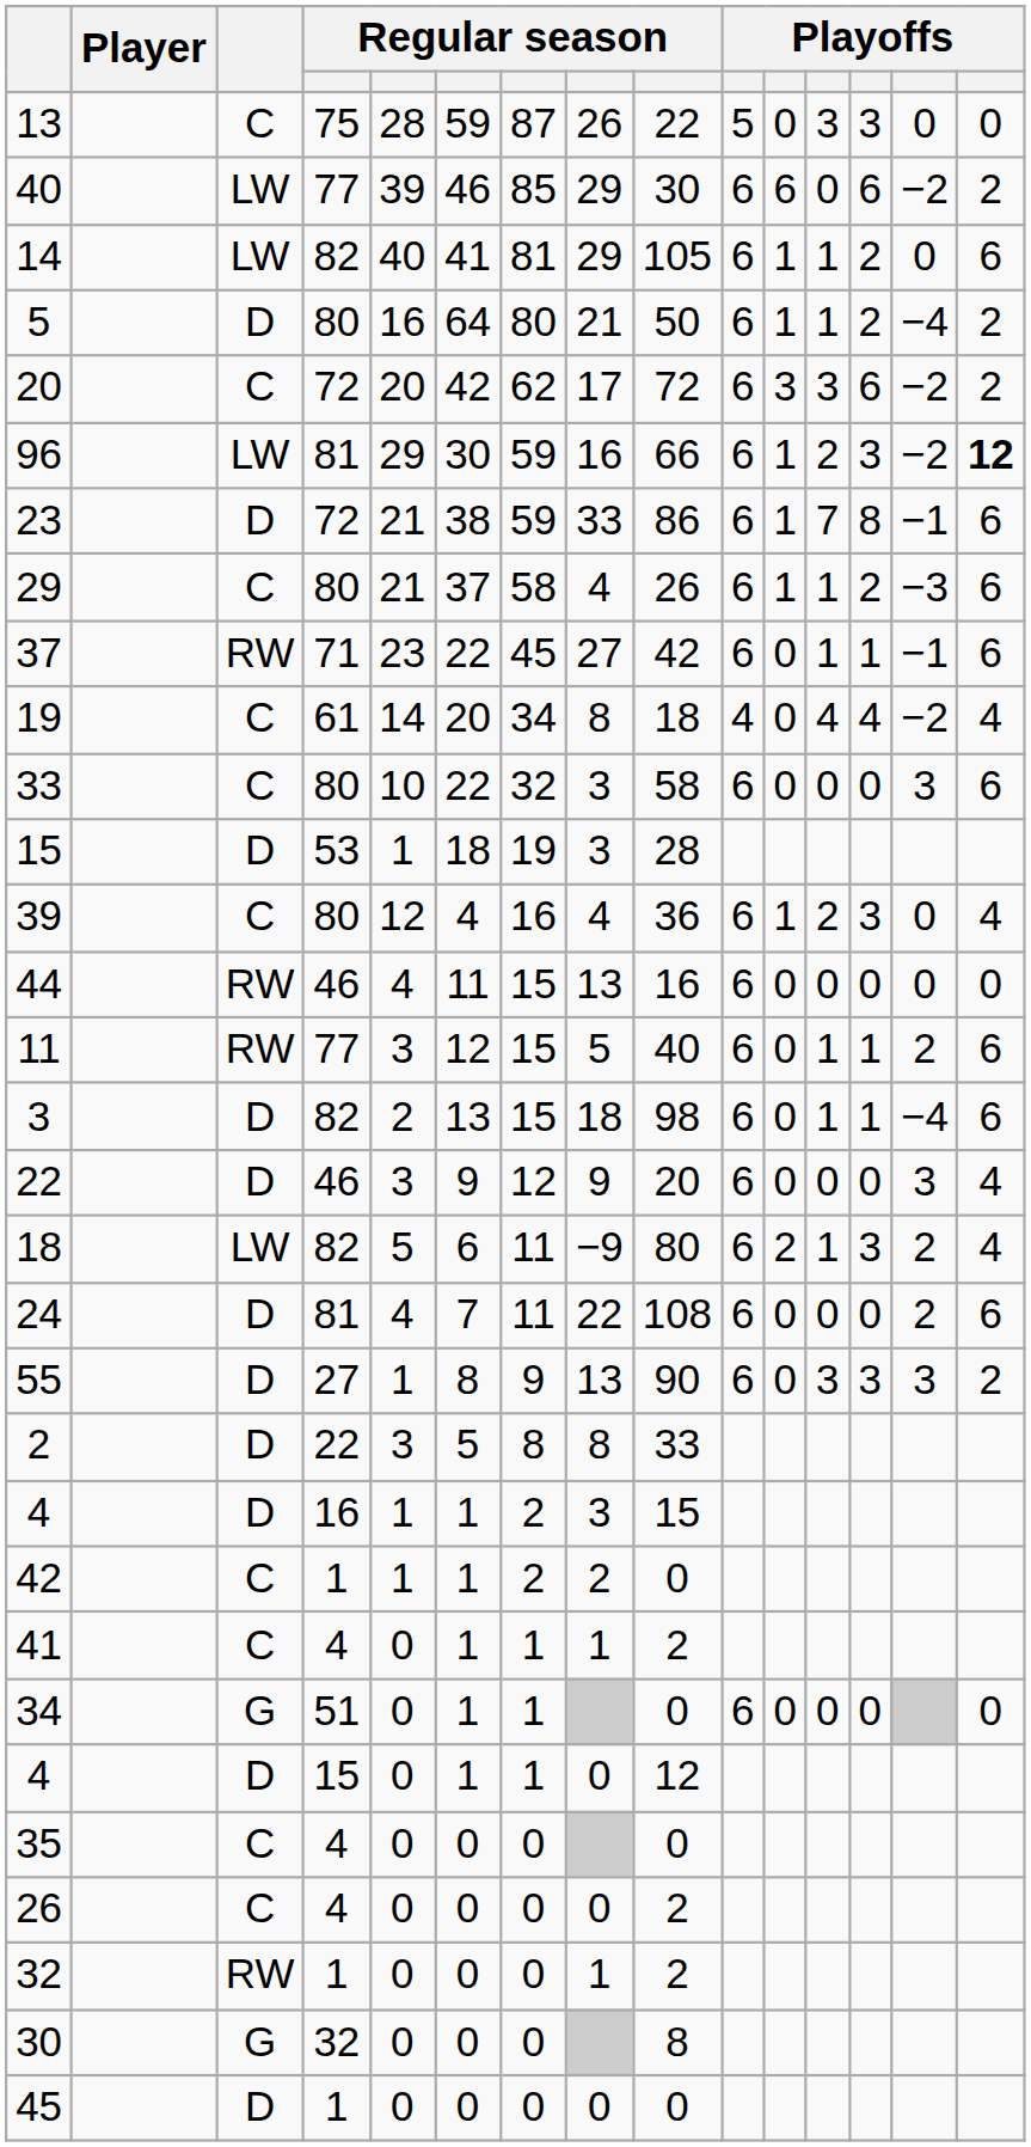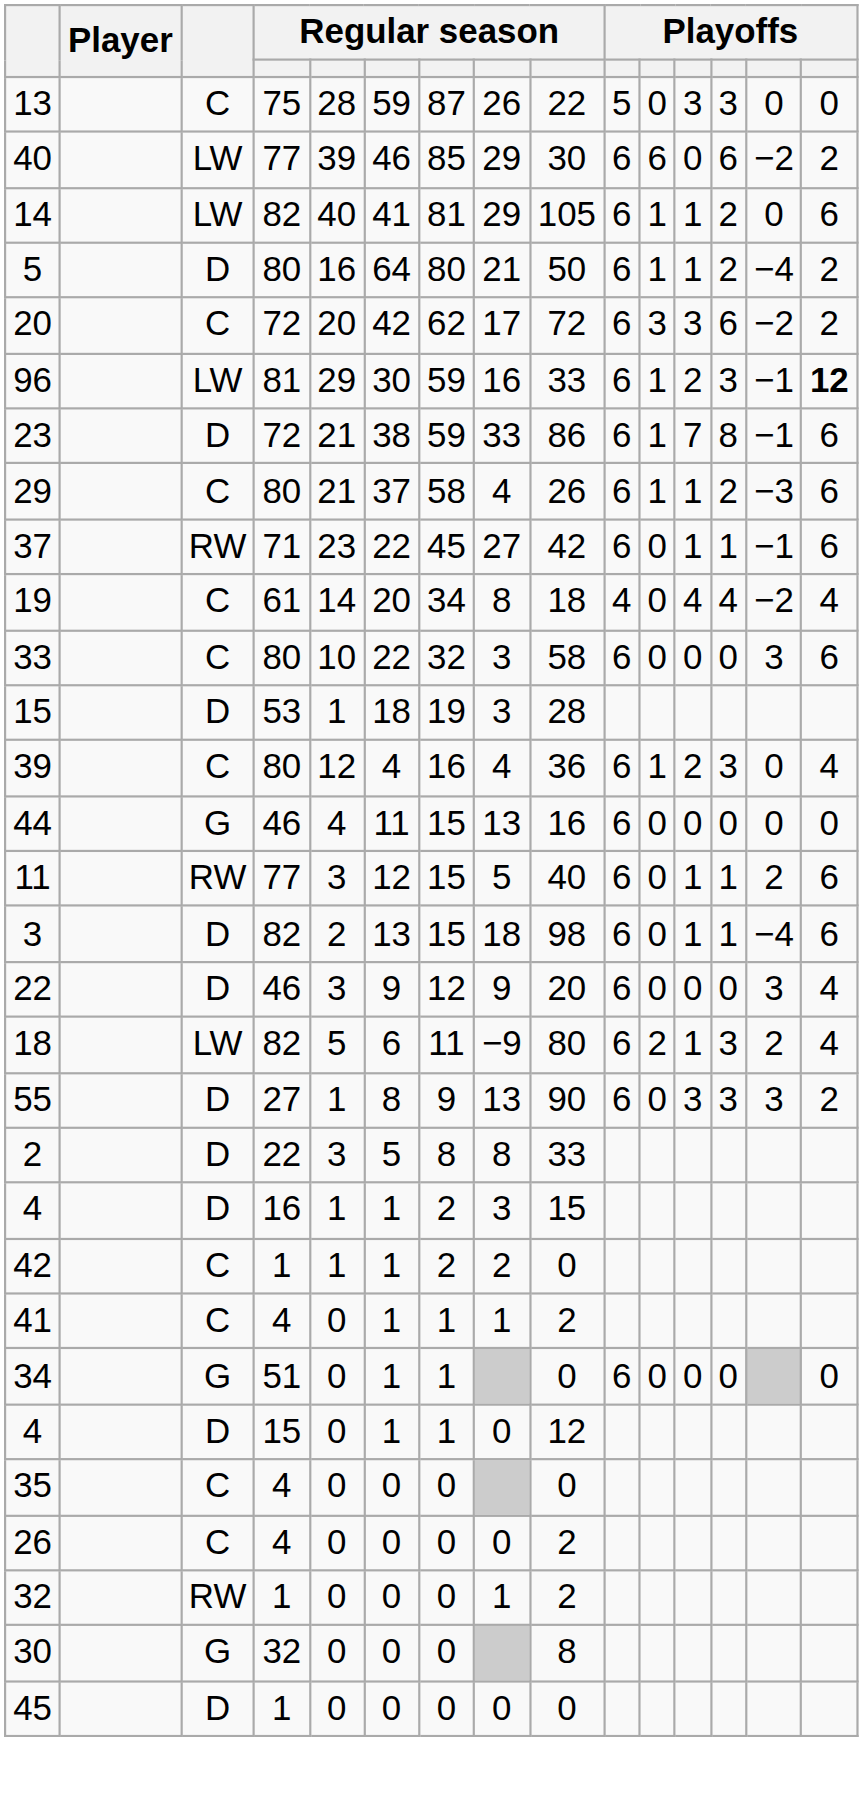 <table class="wikitable sortable plainrowheaders" style="text-align:center;">
 <tr>
 <th scope="col" data-sort-type="number" rowspan="2"></th>
 <th scope="col" rowspan="2">Player</th>
 <th scope="col" rowspan="2"></th>
 <th scope=colgroup colspan=6>Regular season</th>
 <th scope=colgroup colspan=6>Playoffs</th>
 </tr>
 <tr>
 <th scope="col" data-sort-type="number"></th>
 <th scope="col" data-sort-type="number"></th>
 <th scope="col" data-sort-type="number"></th>
 <th scope="col" data-sort-type="number"></th>
 <th scope="col" data-sort-type="number"></th>
 <th scope="col" data-sort-type="number"></th>
 <th scope="col" data-sort-type="number"></th>
 <th scope="col" data-sort-type="number"></th>
 <th scope="col" data-sort-type="number"></th>
 <th scope="col" data-sort-type="number"></th>
 <th scope="col" data-sort-type="number"></th>
 <th scope="col" data-sort-type="number"></th>
 </tr>
 <tr>
 <td scope="row">13</td>
 <td align="left"></td>
 <td>C</td>
 <td>75</td>
 <td>28</td>
 <td>59</td>
 <td>87</td>
 <td>26</td>
 <td>22</td>
 <td>5</td>
 <td>0</td>
 <td>3</td>
 <td>3</td>
 <td>0</td>
 <td>0</td>
 </tr>
 <tr>
 <td scope="row">40</td>
 <td align="left"></td>
 <td>LW</td>
 <td>77</td>
 <td>39</td>
 <td>46</td>
 <td>85</td>
 <td>29</td>
 <td>30</td>
 <td>6</td>
 <td>6</td>
 <td>0</td>
 <td>6</td>
 <td>−2</td>
 <td>2</td>
 </tr>
 <tr>
 <td scope="row">14</td>
 <td align="left"></td>
 <td>LW</td>
 <td>82</td>
 <td>40</td>
 <td>41</td>
 <td>81</td>
 <td>29</td>
 <td>105</td>
 <td>6</td>
 <td>1</td>
 <td>1</td>
 <td>2</td>
 <td>0</td>
 <td>6</td>
 </tr>
 <tr>
 <td scope="row">5</td>
 <td align="left"></td>
 <td>D</td>
 <td>80</td>
 <td>16</td>
 <td>64</td>
 <td>80</td>
 <td>21</td>
 <td>50</td>
 <td>6</td>
 <td>1</td>
 <td>1</td>
 <td>2</td>
 <td>−4</td>
 <td>2</td>
 </tr>
 <tr>
 <td scope="row">20</td>
 <td align="left"></td>
 <td>C</td>
 <td>72</td>
 <td>20</td>
 <td>42</td>
 <td>62</td>
 <td>17</td>
 <td>72</td>
 <td>6</td>
 <td>3</td>
 <td>3</td>
 <td>6</td>
 <td>−2</td>
 <td>2</td>
 </tr>
 <tr>
 <td scope="row">96</td>
 <td align="left"></td>
 <td>LW</td>
 <td>81</td>
 <td>29</td>
 <td>30</td>
 <td>59</td>
 <td>16</td>
-<td>66</td>
+<td>33</td>
 <td>6</td>
 <td>1</td>
 <td>2</td>
 <td>3</td>
-<td>−2</td>
+<td>−1</td>
 <td><strong>12</strong></td>
 </tr>
 <tr>
 <td scope="row">23</td>
 <td align="left"></td>
 <td>D</td>
 <td>72</td>
 <td>21</td>
 <td>38</td>
 <td>59</td>
 <td>33</td>
 <td>86</td>
 <td>6</td>
 <td>1</td>
 <td>7</td>
 <td>8</td>
 <td>−1</td>
 <td>6</td>
 </tr>
 <tr>
 <td scope="row">29</td>
 <td align="left"></td>
 <td>C</td>
 <td>80</td>
 <td>21</td>
 <td>37</td>
 <td>58</td>
 <td>4</td>
 <td>26</td>
 <td>6</td>
 <td>1</td>
 <td>1</td>
 <td>2</td>
 <td>−3</td>
 <td>6</td>
 </tr>
 <tr>
 <td scope="row">37</td>
 <td align="left"></td>
 <td>RW</td>
 <td>71</td>
 <td>23</td>
 <td>22</td>
 <td>45</td>
 <td>27</td>
 <td>42</td>
 <td>6</td>
 <td>0</td>
 <td>1</td>
 <td>1</td>
 <td>−1</td>
 <td>6</td>
 </tr>
 <tr>
 <td scope="row">19</td>
 <td align="left"></td>
 <td>C</td>
 <td>61</td>
 <td>14</td>
 <td>20</td>
 <td>34</td>
 <td>8</td>
 <td>18</td>
 <td>4</td>
 <td>0</td>
 <td>4</td>
 <td>4</td>
 <td>−2</td>
 <td>4</td>
 </tr>
 <tr>
 <td scope="row">33</td>
 <td align="left"></td>
 <td>C</td>
 <td>80</td>
 <td>10</td>
 <td>22</td>
 <td>32</td>
 <td>3</td>
 <td>58</td>
 <td>6</td>
 <td>0</td>
 <td>0</td>
 <td>0</td>
 <td>3</td>
 <td>6</td>
 </tr>
 <tr>
 <td scope="row">15</td>
 <td align="left"></td>
 <td>D</td>
 <td>53</td>
 <td>1</td>
 <td>18</td>
 <td>19</td>
 <td>3</td>
 <td>28</td>
 <td></td>
 <td></td>
 <td></td>
 <td></td>
 <td></td>
 <td></td>
 </tr>
 <tr>
 <td scope="row">39</td>
 <td align="left"></td>
 <td>C</td>
 <td>80</td>
 <td>12</td>
 <td>4</td>
 <td>16</td>
 <td>4</td>
 <td>36</td>
 <td>6</td>
 <td>1</td>
 <td>2</td>
 <td>3</td>
 <td>0</td>
 <td>4</td>
 </tr>
 <tr>
 <td scope="row">44</td>
 <td align="left"></td>
-<td>RW</td>
+<td>G</td>
 <td>46</td>
 <td>4</td>
 <td>11</td>
 <td>15</td>
 <td>13</td>
 <td>16</td>
 <td>6</td>
 <td>0</td>
 <td>0</td>
 <td>0</td>
 <td>0</td>
 <td>0</td>
 </tr>
 <tr>
 <td scope="row">11</td>
 <td align="left"></td>
 <td>RW</td>
 <td>77</td>
 <td>3</td>
 <td>12</td>
 <td>15</td>
 <td>5</td>
 <td>40</td>
 <td>6</td>
 <td>0</td>
 <td>1</td>
 <td>1</td>
 <td>2</td>
 <td>6</td>
 </tr>
 <tr>
 <td scope="row">3</td>
 <td align="left"></td>
 <td>D</td>
 <td>82</td>
 <td>2</td>
 <td>13</td>
 <td>15</td>
 <td>18</td>
 <td>98</td>
 <td>6</td>
 <td>0</td>
 <td>1</td>
 <td>1</td>
 <td>−4</td>
 <td>6</td>
 </tr>
 <tr>
 <td scope="row">22</td>
 <td align="left"></td>
 <td>D</td>
 <td>46</td>
 <td>3</td>
 <td>9</td>
 <td>12</td>
 <td>9</td>
 <td>20</td>
 <td>6</td>
 <td>0</td>
 <td>0</td>
 <td>0</td>
 <td>3</td>
 <td>4</td>
 </tr>
 <tr>
 <td scope="row">18</td>
 <td align="left"></td>
 <td>LW</td>
 <td>82</td>
 <td>5</td>
 <td>6</td>
 <td>11</td>
 <td>−9</td>
 <td>80</td>
 <td>6</td>
 <td>2</td>
 <td>1</td>
 <td>3</td>
 <td>2</td>
 <td>4</td>
-</tr>
-<tr>
-<td scope="row">24</td>
-<td align="left"></td>
-<td>D</td>
-<td>81</td>
-<td>4</td>
-<td>7</td>
-<td>11</td>
-<td>22</td>
-<td>108</td>
-<td>6</td>
-<td>0</td>
-<td>0</td>
-<td>0</td>
-<td>2</td>
-<td>6</td>
 </tr>
 <tr>
 <td scope="row">55</td>
 <td align="left"></td>
 <td>D</td>
 <td>27</td>
 <td>1</td>
 <td>8</td>
 <td>9</td>
 <td>13</td>
 <td>90</td>
 <td>6</td>
 <td>0</td>
 <td>3</td>
 <td>3</td>
 <td>3</td>
 <td>2</td>
 </tr>
 <tr>
 <td scope="row">2</td>
 <td align="left"></td>
 <td>D</td>
 <td>22</td>
 <td>3</td>
 <td>5</td>
 <td>8</td>
 <td>8</td>
 <td>33</td>
 <td></td>
 <td></td>
 <td></td>
 <td></td>
 <td></td>
 <td></td>
 </tr>
 <tr>
 <td scope="row">4</td>
 <td align="left"></td>
 <td>D</td>
 <td>16</td>
 <td>1</td>
 <td>1</td>
 <td>2</td>
 <td>3</td>
 <td>15</td>
 <td></td>
 <td></td>
 <td></td>
 <td></td>
 <td></td>
 <td></td>
 </tr>
 <tr>
 <td scope="row">42</td>
 <td align="left"></td>
 <td>C</td>
 <td>1</td>
 <td>1</td>
 <td>1</td>
 <td>2</td>
 <td>2</td>
 <td>0</td>
 <td></td>
 <td></td>
 <td></td>
 <td></td>
 <td></td>
 <td></td>
 </tr>
 <tr>
 <td scope="row">41</td>
 <td align="left"></td>
 <td>C</td>
 <td>4</td>
 <td>0</td>
 <td>1</td>
 <td>1</td>
 <td>1</td>
 <td>2</td>
 <td></td>
 <td></td>
 <td></td>
 <td></td>
 <td></td>
 <td></td>
 </tr>
 <tr>
 <td scope="row">34</td>
 <td align="left"></td>
 <td>G</td>
 <td>51</td>
 <td>0</td>
 <td>1</td>
 <td>1</td>
 <td style="background:#ccc"></td>
 <td>0</td>
 <td>6</td>
 <td>0</td>
 <td>0</td>
 <td>0</td>
 <td style="background:#ccc"></td>
 <td>0</td>
 </tr>
 <tr>
 <td scope="row">4</td>
 <td align="left"></td>
 <td>D</td>
 <td>15</td>
 <td>0</td>
 <td>1</td>
 <td>1</td>
 <td>0</td>
 <td>12</td>
 <td></td>
 <td></td>
 <td></td>
 <td></td>
 <td></td>
 <td></td>
 </tr>
 <tr>
 <td scope="row">35</td>
 <td align="left"></td>
 <td>C</td>
 <td>4</td>
 <td>0</td>
 <td>0</td>
 <td>0</td>
 <td style="background:#ccc"></td>
 <td>0</td>
 <td></td>
 <td></td>
 <td></td>
 <td></td>
 <td></td>
 <td></td>
 </tr>
 <tr>
 <td scope="row">26</td>
 <td align="left"></td>
 <td>C</td>
 <td>4</td>
 <td>0</td>
 <td>0</td>
 <td>0</td>
 <td>0</td>
 <td>2</td>
 <td></td>
 <td></td>
 <td></td>
 <td></td>
 <td></td>
 <td></td>
 </tr>
 <tr>
 <td scope="row">32</td>
 <td align="left"></td>
 <td>RW</td>
 <td>1</td>
 <td>0</td>
 <td>0</td>
 <td>0</td>
 <td>1</td>
 <td>2</td>
 <td></td>
 <td></td>
 <td></td>
 <td></td>
 <td></td>
 <td></td>
 </tr>
 <tr>
 <td scope="row">30</td>
 <td align="left"></td>
 <td>G</td>
 <td>32</td>
 <td>0</td>
 <td>0</td>
 <td>0</td>
 <td style="background:#ccc"></td>
 <td>8</td>
 <td></td>
 <td></td>
 <td></td>
 <td></td>
 <td></td>
 <td></td>
 </tr>
 <tr>
 <td scope="row">45</td>
 <td align="left"></td>
 <td>D</td>
 <td>1</td>
 <td>0</td>
 <td>0</td>
 <td>0</td>
 <td>0</td>
 <td>0</td>
 <td></td>
 <td></td>
 <td></td>
 <td></td>
 <td></td>
 <td></td>
 </tr>
 </table>
